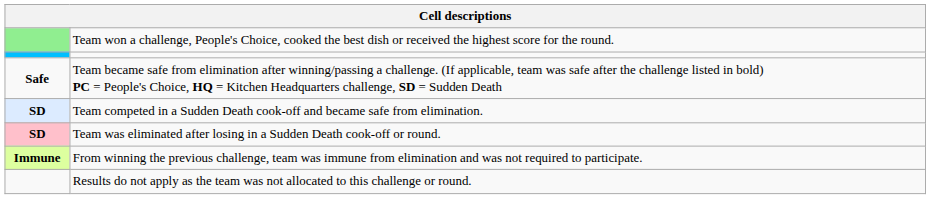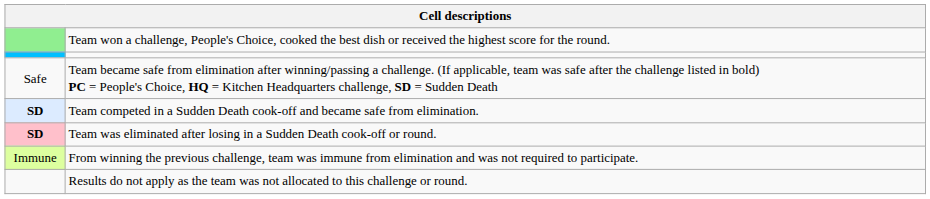 <table class="wikitable" style="margin: auto; text-align: left; font-size: 10pt; line-height:18px; width:60%">
 <tr>
 <th colspan="2">Cell descriptions</th>
 </tr>
 <tr>
 <td style="background:lightgreen; text-align:center"></td>
 <td>Team won a challenge, People's Choice, cooked the best dish or received the highest score for the round.</td>
 </tr>
 <tr>
 <td style="background:deepskyblue; text-align:center"></td>
 <td></td>
 </tr>
 <tr>
-<td style="text-align:center"><strong>Safe</strong></td>
+<td style="text-align:center">Safe</td>
 <td>Team became safe from elimination after winning/passing a challenge. (If applicable, team was safe after the challenge listed in bold)<br><strong>PC</strong> = People's Choice, <strong>HQ</strong> = Kitchen Headquarters challenge, <strong>SD</strong> = Sudden Death</td>
 </tr>
 <tr>
 <td style="text-align:center; background:#DCEBFF;"><strong>SD</strong></td>
 <td>Team competed in a Sudden Death cook-off and became safe from elimination.</td>
 </tr>
 <tr>
 <td style="text-align:center; background:pink;"><strong>SD</strong></td>
 <td>Team was eliminated after losing in a Sudden Death cook-off or round.</td>
 </tr>
 <tr>
-<td style="text-align:center" bgcolor="DDFF9F"><strong>Immune</strong></td>
+<td style="text-align:center" bgcolor="DDFF9F">Immune</td>
 <td>From winning the previous challenge, team was immune from elimination and was not required to participate.</td>
 </tr>
 <tr>
 <td></td>
 <td>Results do not apply as the team was not allocated to this challenge or round.</td>
 </tr>
 </table>
